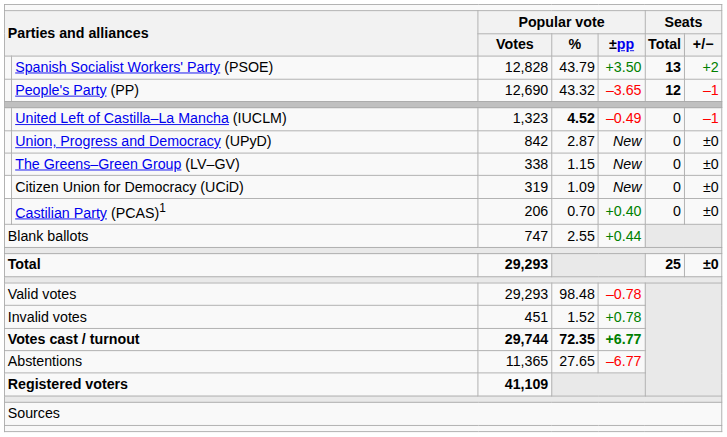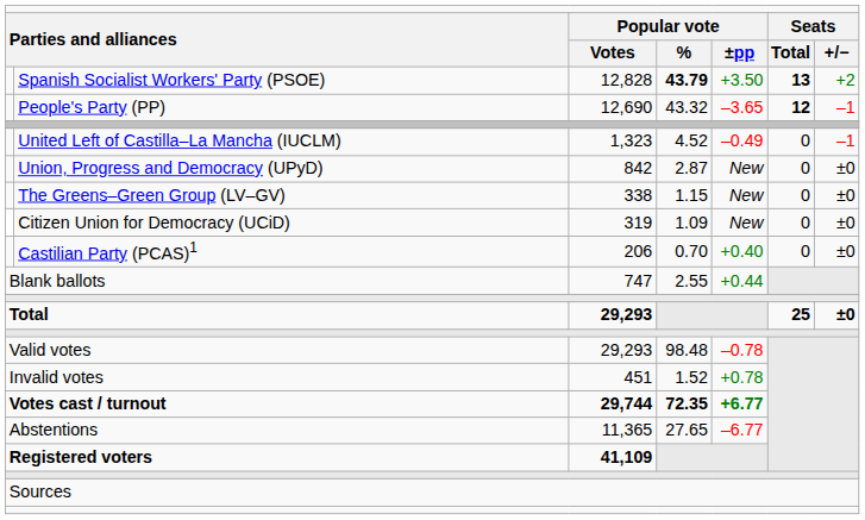 <table class="wikitable" style="text-align:right;">
 <tr>
 <td colspan="7"></td>
 </tr>
 <tr>
 <th style="text-align:left;" rowspan="2" colspan="2" width="525">Parties and alliances</th>
 <th colspan="3">Popular vote</th>
 <th colspan="2">Seats</th>
 </tr>
 <tr>
 <th width="75">Votes</th>
 <th width="45">%</th>
 <th width="45">±<a href='#'>pp</a></th>
 <th width="35">Total</th>
 <th width="35">+/−</th>
 </tr>
 <tr>
 <td width="1" style="color:inherit;background:"></td>
 <td align="left"><a href='#'>Spanish Socialist Workers' Party</a> (PSOE)</td>
 <td>12,828</td>
-<td>43.79</td>
+<td><strong>43.79</strong></td>
 <td style="color:green;">+3.50</td>
 <td><strong>13</strong></td>
 <td style="color:green;">+2</td>
 </tr>
 <tr>
 <td style="color:inherit;background:"></td>
 <td align="left"><a href='#'>People's Party</a> (PP)</td>
 <td>12,690</td>
 <td>43.32</td>
 <td style="color:red;">–3.65</td>
 <td><strong>12</strong></td>
 <td style="color:red;">–1</td>
 </tr>
 <tr>
 <td colspan="7" bgcolor="#C0C0C0"></td>
 </tr>
 <tr>
 <td style="color:inherit;background:"></td>
 <td align="left"><a href='#'>United Left of Castilla–La Mancha</a> (IUCLM)</td>
 <td>1,323</td>
-<td><strong>4.52</strong></td>
+<td>4.52</td>
 <td style="color:red;">–0.49</td>
 <td>0</td>
 <td style="color:red;">–1</td>
 </tr>
 <tr>
 <td style="color:inherit;background:"></td>
 <td align="left"><a href='#'>Union, Progress and Democracy</a> (UPyD)</td>
 <td>842</td>
 <td>2.87</td>
 <td><em>New</em></td>
 <td>0</td>
 <td>±0</td>
 </tr>
 <tr>
 <td style="color:inherit;background:"></td>
 <td align="left"><a href='#'>The Greens–Green Group</a> (LV–GV)</td>
 <td>338</td>
 <td>1.15</td>
 <td><em>New</em></td>
 <td>0</td>
 <td>±0</td>
 </tr>
 <tr>
 <td bgcolor="white"></td>
 <td align="left">Citizen Union for Democracy (UCiD)</td>
 <td>319</td>
 <td>1.09</td>
 <td><em>New</em></td>
 <td>0</td>
 <td>±0</td>
 </tr>
 <tr>
 <td style="color:inherit;background:"></td>
 <td align="left"><a href='#'>Castilian Party</a> (PCAS)<sup>1</sup></td>
 <td>206</td>
 <td>0.70</td>
 <td style="color:green;">+0.40</td>
 <td>0</td>
 <td>±0</td>
 </tr>
 <tr>
 <td align="left" colspan="2">Blank ballots</td>
 <td>747</td>
 <td>2.55</td>
 <td style="color:green;">+0.44</td>
 <td bgcolor="#E9E9E9" colspan="2"></td>
 </tr>
 <tr>
 <td colspan="7" bgcolor="#E9E9E9"></td>
 </tr>
 <tr style="font-weight:bold;">
 <td align="left" colspan="2">Total</td>
 <td>29,293</td>
 <td bgcolor="#E9E9E9" colspan="2"></td>
 <td>25</td>
 <td>±0</td>
 </tr>
 <tr>
 <td colspan="7" bgcolor="#E9E9E9"></td>
 </tr>
 <tr>
 <td align="left" colspan="2">Valid votes</td>
 <td>29,293</td>
 <td>98.48</td>
 <td style="color:red;">–0.78</td>
 <td bgcolor="#E9E9E9" colspan="2" rowspan="5"></td>
 </tr>
 <tr>
 <td align="left" colspan="2">Invalid votes</td>
 <td>451</td>
 <td>1.52</td>
 <td style="color:green;">+0.78</td>
 </tr>
 <tr style="font-weight:bold;">
 <td align="left" colspan="2">Votes cast / turnout</td>
 <td>29,744</td>
 <td>72.35</td>
 <td style="color:green;">+6.77</td>
 </tr>
 <tr>
 <td align="left" colspan="2">Abstentions</td>
 <td>11,365</td>
 <td>27.65</td>
 <td style="color:red;">–6.77</td>
 </tr>
 <tr style="font-weight:bold;">
 <td align="left" colspan="2">Registered voters</td>
 <td>41,109</td>
 <td bgcolor="#E9E9E9" colspan="2"></td>
 </tr>
 <tr>
 <td colspan="7" bgcolor="#E9E9E9"></td>
 </tr>
 <tr>
 <td align="left" colspan="7">Sources</td>
 </tr>
 <tr>
 <td colspan="7" style="text-align:left; max-width:790px;"></td>
 </tr>
 </table>
